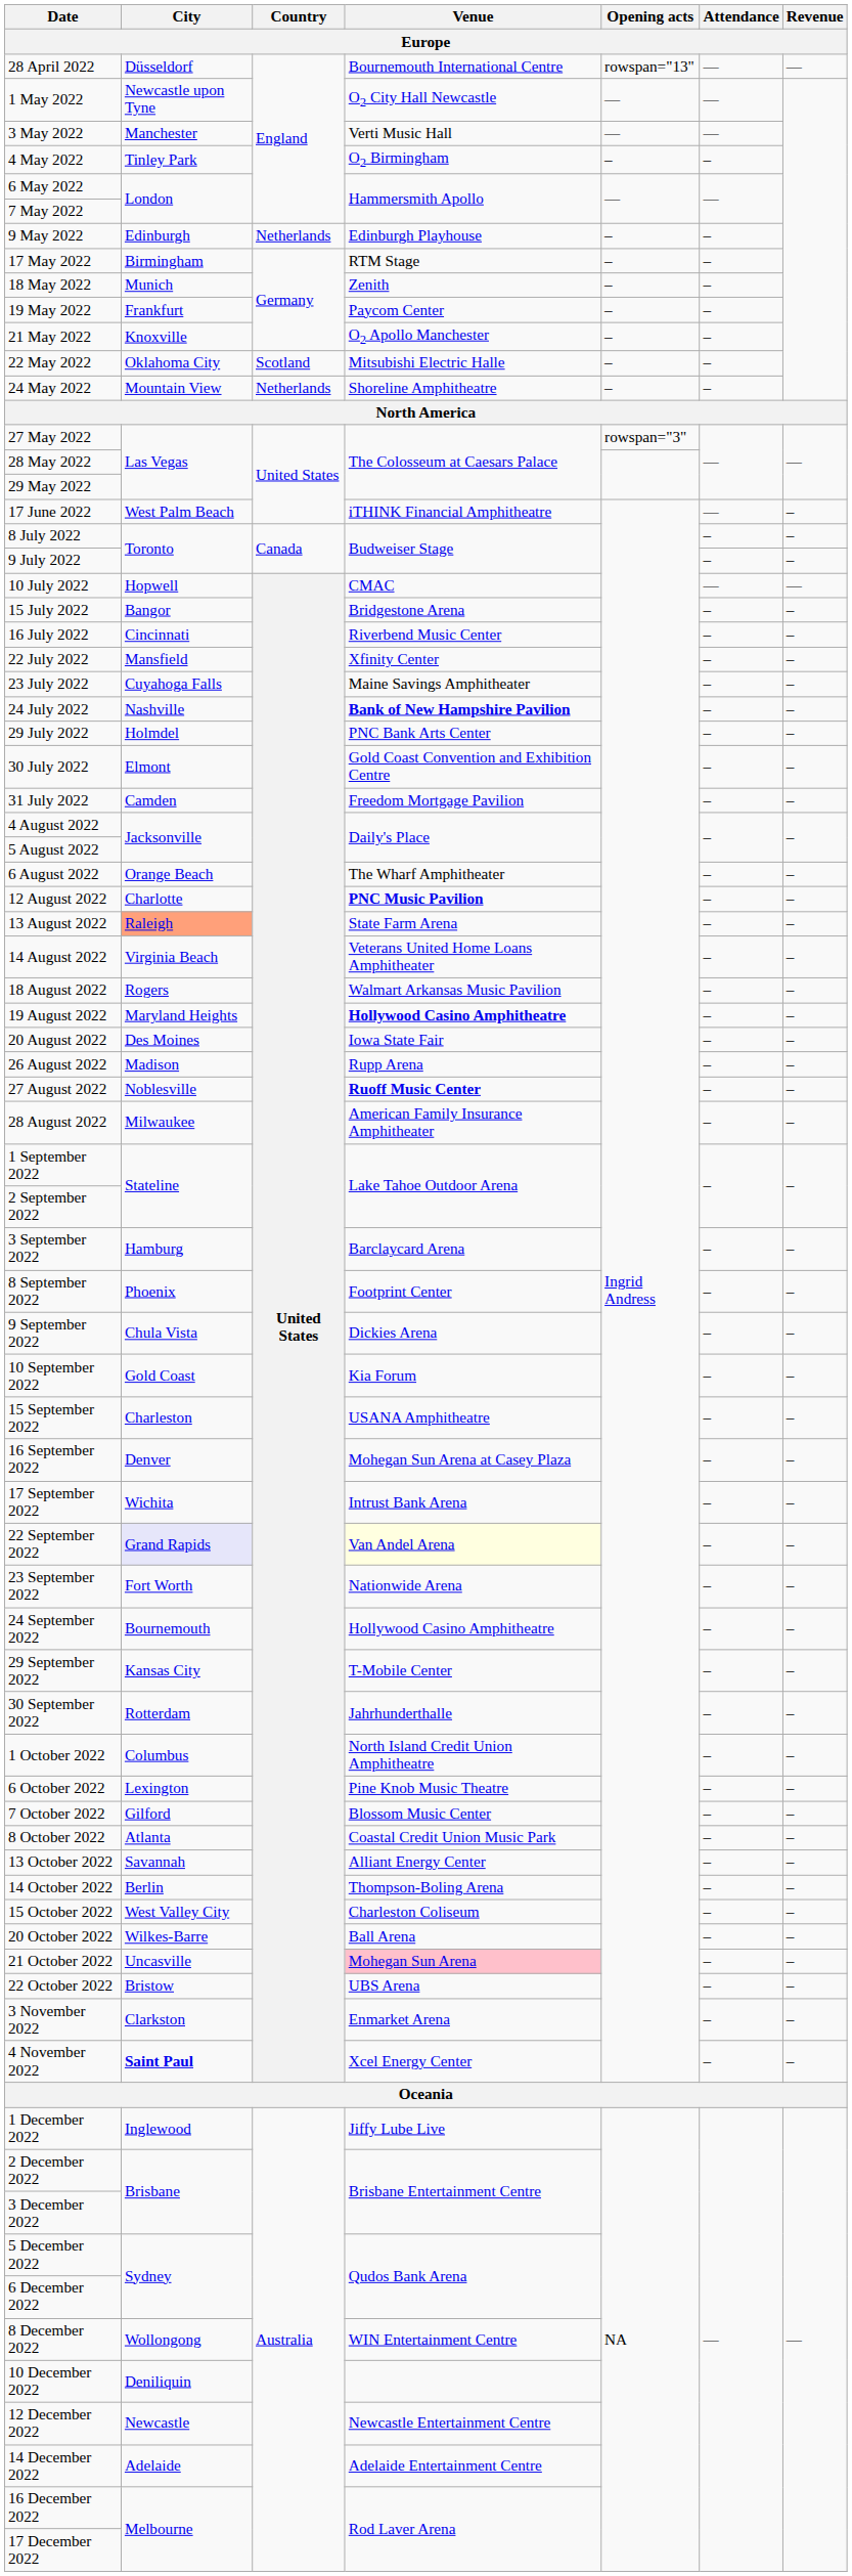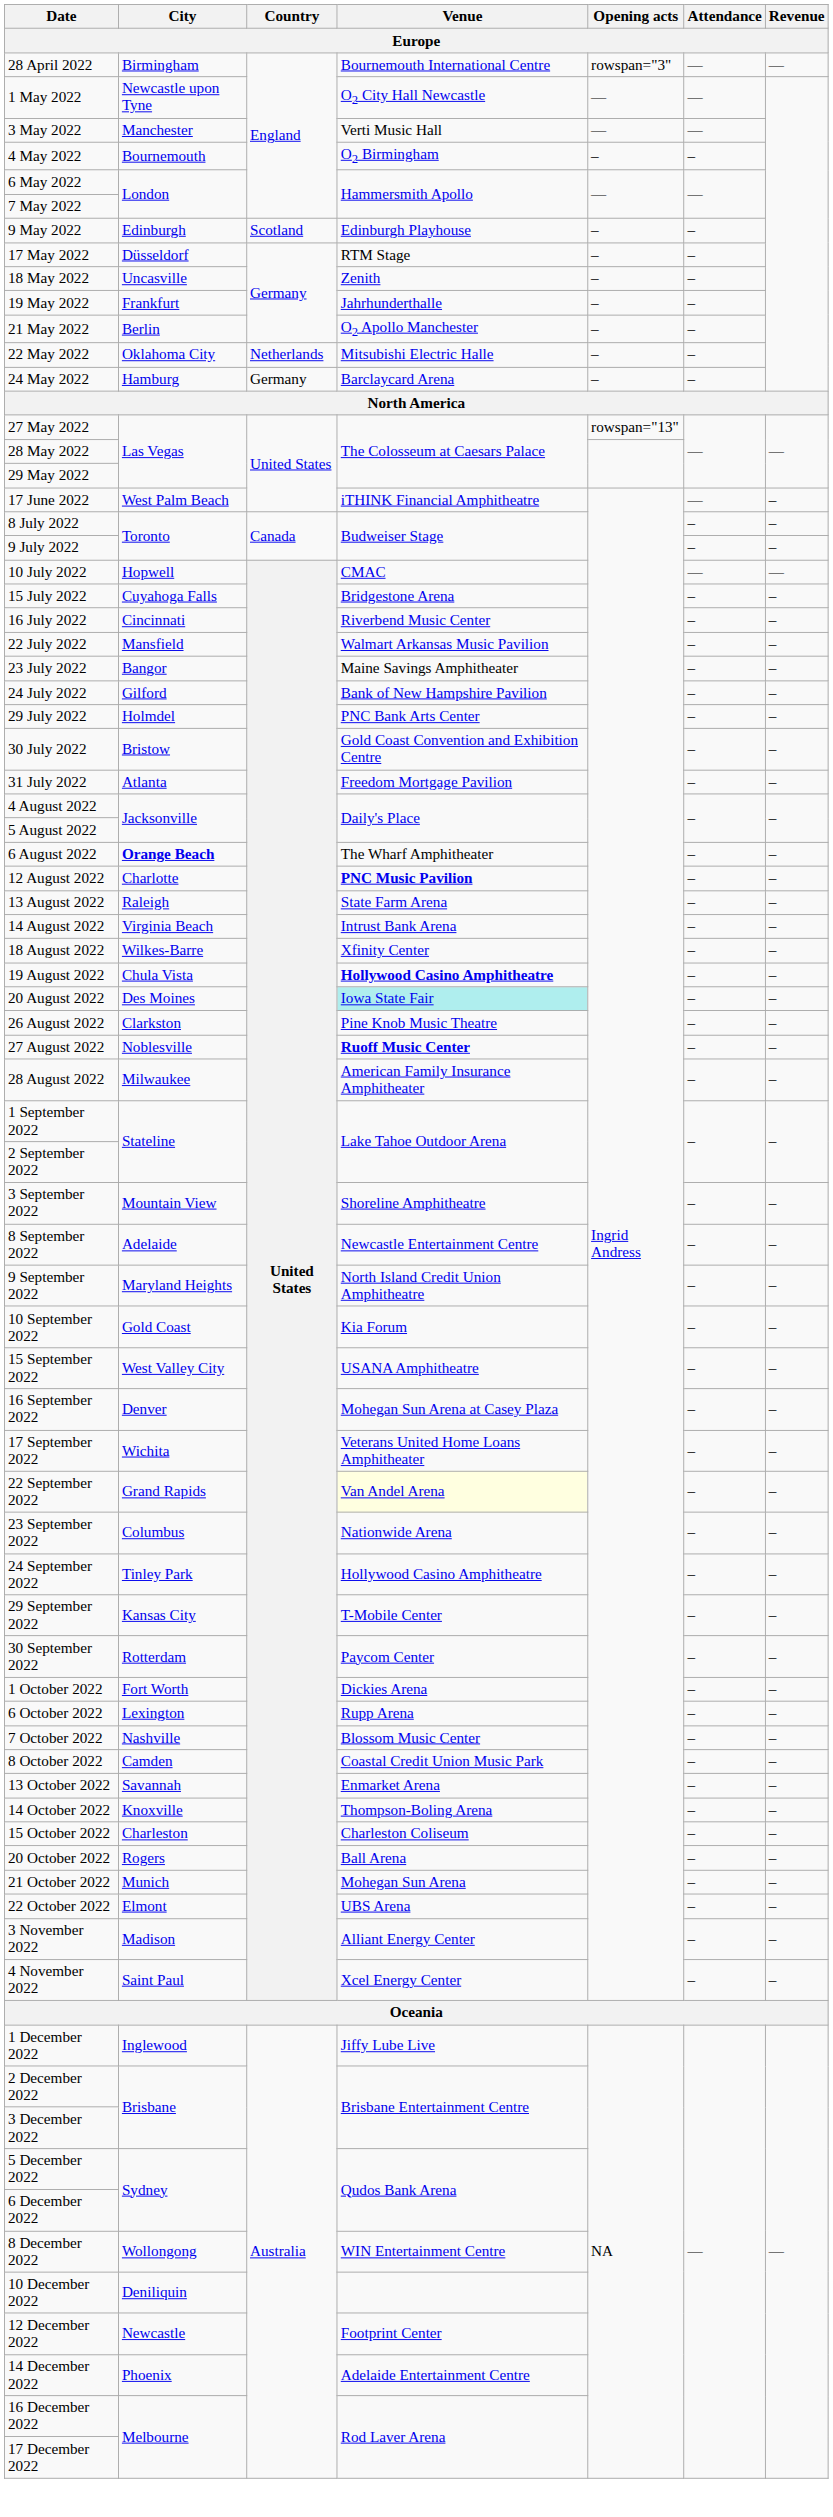 <table class="wikitable">
 <tr>
 <th scope=col>Date</th>
 <th scope=col>City</th>
 <th scope=col>Country</th>
 <th scope=col>Venue</th>
 <th scope=col>Opening acts</th>
 <th scope=col>Attendance</th>
 <th scope=col>Revenue</th>
 </tr>
 <tr>
 <th scope=row colspan="7">Europe</th>
 </tr>
 <tr>
 <td>28 April 2022</td>
-<td><a href='#'>Düsseldorf</a></td>
+<td><a href='#'>Birmingham</a></td>
 <td rowspan="6"><a href='#'>England</a></td>
 <td><a href='#'>Bournemouth International Centre</a></td>
-<td>rowspan="13" </td>
+<td>rowspan="3" </td>
 <td>—</td>
 <td>—</td>
 </tr>
 <tr>
 <td>1 May 2022</td>
 <td><a href='#'>Newcastle upon Tyne</a></td>
 <td><a href='#'>O<sub>2</sub> City Hall Newcastle</a></td>
 <td>—</td>
 <td>—</td>
 </tr>
 <tr>
 <td>3 May 2022</td>
 <td><a href='#'>Manchester</a></td>
 <td>Verti Music Hall</td>
 <td>—</td>
 <td>—</td>
 </tr>
 <tr>
 <td>4 May 2022</td>
-<td><a href='#'>Tinley Park</a></td>
+<td><a href='#'>Bournemouth</a></td>
 <td><a href='#'>O<sub>2</sub> Birmingham</a></td>
 <td>–</td>
 <td>–</td>
 </tr>
 <tr>
 <td>6 May 2022</td>
 <td rowspan="2"><a href='#'>London</a></td>
 <td rowspan="2"><a href='#'>Hammersmith Apollo</a></td>
 <td rowspan="2">—</td>
 <td rowspan="2">—</td>
 </tr>
 <tr>
 <td>7 May 2022</td>
 </tr>
 <tr>
 <td>9 May 2022</td>
 <td><a href='#'>Edinburgh</a></td>
-<td><a href='#'>Netherlands</a></td>
+<td><a href='#'>Scotland</a></td>
 <td><a href='#'>Edinburgh Playhouse</a></td>
 <td>–</td>
 <td>–</td>
 </tr>
 <tr>
 <td>17 May 2022</td>
-<td><a href='#'>Birmingham</a></td>
+<td><a href='#'>Düsseldorf</a></td>
 <td rowspan="4"><a href='#'>Germany</a></td>
 <td>RTM Stage</td>
 <td>–</td>
 <td>–</td>
 </tr>
 <tr>
 <td>18 May 2022</td>
-<td><a href='#'>Munich</a></td>
+<td><a href='#'>Uncasville</a></td>
 <td><a href='#'>Zenith</a></td>
 <td>–</td>
 <td>–</td>
 </tr>
 <tr>
 <td>19 May 2022</td>
 <td><a href='#'>Frankfurt</a></td>
-<td><a href='#'>Paycom Center</a></td>
+<td><a href='#'>Jahrhunderthalle</a></td>
 <td>–</td>
 <td>–</td>
 </tr>
 <tr>
 <td>21 May 2022</td>
-<td><a href='#'>Knoxville</a></td>
+<td><a href='#'>Berlin</a></td>
 <td><a href='#'>O<sub>2</sub> Apollo Manchester</a></td>
 <td>–</td>
 <td>–</td>
 </tr>
 <tr>
 <td>22 May 2022</td>
 <td><a href='#'>Oklahoma City</a></td>
-<td><a href='#'>Scotland</a></td>
+<td><a href='#'>Netherlands</a></td>
 <td><a href='#'>Mitsubishi Electric Halle</a></td>
 <td>–</td>
 <td>–</td>
 </tr>
 <tr>
 <td>24 May 2022</td>
-<td><a href='#'>Mountain View</a></td>
-<td><a href='#'>Netherlands</a></td>
-<td><a href='#'>Shoreline Amphitheatre</a></td>
+<td><a href='#'>Hamburg</a></td>
+<td>Germany</td>
+<td><a href='#'>Barclaycard Arena</a></td>
 <td>–</td>
 <td>–</td>
 </tr>
 <tr>
 <th scope=row colspan="7">North America</th>
 </tr>
 <tr>
 <td>27 May 2022</td>
 <td rowspan="3"><a href='#'>Las Vegas</a></td>
 <td rowspan="4"><a href='#'>United States</a></td>
 <td rowspan="3"><a href='#'>The Colosseum at Caesars Palace</a></td>
-<td>rowspan="3" </td>
+<td>rowspan="13" </td>
 <td rowspan="3">—</td>
 <td rowspan="3">—</td>
 </tr>
 <tr>
 <td>28 May 2022</td>
 </tr>
 <tr>
 <td>29 May 2022</td>
 </tr>
 <tr>
 <td>17 June 2022</td>
 <td><a href='#'>West Palm Beach</a></td>
 <td><a href='#'>iTHINK Financial Amphitheatre</a></td>
 <td rowspan="50"><a href='#'>Ingrid Andress</a></td>
 <td>—</td>
 <td>–</td>
 </tr>
 <tr>
 <td>8 July 2022</td>
 <td rowspan="2"><a href='#'>Toronto</a></td>
 <td rowspan="2"><a href='#'>Canada</a></td>
 <td rowspan="2"><a href='#'>Budweiser Stage</a></td>
 <td>–</td>
 <td>–</td>
 </tr>
 <tr>
 <td>9 July 2022</td>
 <td>–</td>
 <td>–</td>
 </tr>
 <tr>
 <td>10 July 2022</td>
 <td><a href='#'>Hopwell</a></td>
 <th scope=row rowspan="47">United States</th>
 <td><a href='#'>CMAC</a></td>
 <td>—</td>
 <td>—</td>
 </tr>
 <tr>
 <td>15 July 2022</td>
-<td><a href='#'>Bangor</a></td>
+<td><a href='#'>Cuyahoga Falls</a></td>
 <td><a href='#'>Bridgestone Arena</a></td>
 <td>–</td>
 <td>–</td>
 </tr>
 <tr>
 <td>16 July 2022</td>
 <td><a href='#'>Cincinnati</a></td>
 <td><a href='#'>Riverbend Music Center</a></td>
 <td>–</td>
 <td>–</td>
 </tr>
 <tr>
 <td>22 July 2022</td>
 <td><a href='#'>Mansfield</a></td>
-<td><a href='#'>Xfinity Center</a></td>
+<td><a href='#'>Walmart Arkansas Music Pavilion</a></td>
 <td>–</td>
 <td>–</td>
 </tr>
 <tr>
 <td>23 July 2022</td>
-<td><a href='#'>Cuyahoga Falls</a></td>
+<td><a href='#'>Bangor</a></td>
 <td>Maine Savings Amphitheater</td>
 <td>–</td>
 <td>–</td>
 </tr>
 <tr>
 <td>24 July 2022</td>
-<td><a href='#'>Nashville</a></td>
-<td><strong><a href='#'>Bank of New Hampshire Pavilion</a></strong></td>
+<td><a href='#'>Gilford</a></td>
+<td><a href='#'>Bank of New Hampshire Pavilion</a></td>
 <td>–</td>
 <td>–</td>
 </tr>
 <tr>
 <td>29 July 2022</td>
 <td><a href='#'>Holmdel</a></td>
 <td><a href='#'>PNC Bank Arts Center</a></td>
 <td>–</td>
 <td>–</td>
 </tr>
 <tr>
 <td>30 July 2022</td>
-<td><a href='#'>Elmont</a></td>
+<td><a href='#'>Bristow</a></td>
 <td><a href='#'>Gold Coast Convention and Exhibition Centre</a></td>
 <td>–</td>
 <td>–</td>
 </tr>
 <tr>
 <td>31 July 2022</td>
-<td><a href='#'>Camden</a></td>
+<td><a href='#'>Atlanta</a></td>
 <td><a href='#'>Freedom Mortgage Pavilion</a></td>
 <td>–</td>
 <td>–</td>
 </tr>
 <tr>
 <td>4 August 2022</td>
 <td rowspan="2"><a href='#'>Jacksonville</a></td>
 <td rowspan="2"><a href='#'>Daily's Place</a></td>
 <td rowspan="2">–</td>
 <td rowspan="2">–</td>
 </tr>
 <tr>
 <td>5 August 2022</td>
 </tr>
 <tr>
 <td>6 August 2022</td>
-<td><a href='#'>Orange Beach</a></td>
+<td><strong><a href='#'>Orange Beach</a></strong></td>
 <td>The Wharf Amphitheater</td>
 <td>–</td>
 <td>–</td>
 </tr>
 <tr>
 <td>12 August 2022</td>
 <td><a href='#'>Charlotte</a></td>
 <td><strong><a href='#'>PNC Music Pavilion</a></strong></td>
 <td>–</td>
 <td>–</td>
 </tr>
 <tr>
 <td>13 August 2022</td>
-<td style="background: lightsalmon;"><a href='#'>Raleigh</a></td>
+<td><a href='#'>Raleigh</a></td>
 <td><a href='#'>State Farm Arena</a></td>
 <td>–</td>
 <td>–</td>
 </tr>
 <tr>
 <td>14 August 2022</td>
 <td><a href='#'>Virginia Beach</a></td>
-<td><a href='#'>Veterans United Home Loans Amphitheater</a></td>
+<td><a href='#'>Intrust Bank Arena</a></td>
 <td>–</td>
 <td>–</td>
 </tr>
 <tr>
 <td>18 August 2022</td>
-<td><a href='#'>Rogers</a></td>
-<td><a href='#'>Walmart Arkansas Music Pavilion</a></td>
+<td><a href='#'>Wilkes-Barre</a></td>
+<td><a href='#'>Xfinity Center</a></td>
 <td>–</td>
 <td>–</td>
 </tr>
 <tr>
 <td>19 August 2022</td>
-<td><a href='#'>Maryland Heights</a></td>
+<td><a href='#'>Chula Vista</a></td>
 <td><strong><a href='#'>Hollywood Casino Amphitheatre</a></strong></td>
 <td>–</td>
 <td>–</td>
 </tr>
 <tr>
 <td>20 August 2022</td>
 <td><a href='#'>Des Moines</a></td>
-<td><a href='#'>Iowa State Fair</a></td>
+<td style="background: paleturquoise;"><a href='#'>Iowa State Fair</a></td>
 <td>–</td>
 <td>–</td>
 </tr>
 <tr>
 <td>26 August 2022</td>
-<td><a href='#'>Madison</a></td>
-<td><a href='#'>Rupp Arena</a></td>
+<td><a href='#'>Clarkston</a></td>
+<td><a href='#'>Pine Knob Music Theatre</a></td>
 <td>–</td>
 <td>–</td>
 </tr>
 <tr>
 <td>27 August 2022</td>
 <td><a href='#'>Noblesville</a></td>
 <td><strong><a href='#'>Ruoff Music Center</a></strong></td>
 <td>–</td>
 <td>–</td>
 </tr>
 <tr>
 <td>28 August 2022</td>
 <td><a href='#'>Milwaukee</a></td>
 <td><a href='#'>American Family Insurance Amphitheater</a></td>
 <td>–</td>
 <td>–</td>
 </tr>
 <tr>
 <td>1 September 2022</td>
 <td rowspan="2"><a href='#'>Stateline</a></td>
 <td rowspan="2"><a href='#'>Lake Tahoe Outdoor Arena</a></td>
 <td rowspan="2">–</td>
 <td rowspan="2">–</td>
 </tr>
 <tr>
 <td>2 September 2022</td>
 </tr>
 <tr>
 <td>3 September 2022</td>
-<td><a href='#'>Hamburg</a></td>
-<td><a href='#'>Barclaycard Arena</a></td>
+<td><a href='#'>Mountain View</a></td>
+<td><a href='#'>Shoreline Amphitheatre</a></td>
 <td>–</td>
 <td>–</td>
 </tr>
 <tr>
 <td>8 September 2022</td>
-<td><a href='#'>Phoenix</a></td>
-<td><a href='#'>Footprint Center</a></td>
+<td><a href='#'>Adelaide</a></td>
+<td><a href='#'>Newcastle Entertainment Centre</a></td>
 <td>–</td>
 <td>–</td>
 </tr>
 <tr>
 <td>9 September 2022</td>
-<td><a href='#'>Chula Vista</a></td>
-<td><a href='#'>Dickies Arena</a></td>
+<td><a href='#'>Maryland Heights</a></td>
+<td><a href='#'>North Island Credit Union Amphitheatre</a></td>
 <td>–</td>
 <td>–</td>
 </tr>
 <tr>
 <td>10 September 2022</td>
 <td><a href='#'>Gold Coast</a></td>
 <td><a href='#'>Kia Forum</a></td>
 <td>–</td>
 <td>–</td>
 </tr>
 <tr>
 <td>15 September 2022</td>
-<td><a href='#'>Charleston</a></td>
+<td><a href='#'>West Valley City</a></td>
 <td><a href='#'>USANA Amphitheatre</a></td>
 <td>–</td>
 <td>–</td>
 </tr>
 <tr>
 <td>16 September 2022</td>
 <td><a href='#'>Denver</a></td>
 <td><a href='#'>Mohegan Sun Arena at Casey Plaza</a></td>
 <td>–</td>
 <td>–</td>
 </tr>
 <tr>
 <td>17 September 2022</td>
 <td><a href='#'>Wichita</a></td>
-<td><a href='#'>Intrust Bank Arena</a></td>
+<td><a href='#'>Veterans United Home Loans Amphitheater</a></td>
 <td>–</td>
 <td>–</td>
 </tr>
 <tr>
 <td>22 September 2022</td>
-<td style="background: lavender;"><a href='#'>Grand Rapids</a></td>
+<td><a href='#'>Grand Rapids</a></td>
 <td style="background: lightyellow;"><a href='#'>Van Andel Arena</a></td>
 <td>–</td>
 <td>–</td>
 </tr>
 <tr>
 <td>23 September 2022</td>
-<td><a href='#'>Fort Worth</a></td>
+<td><a href='#'>Columbus</a></td>
 <td><a href='#'>Nationwide Arena</a></td>
 <td>–</td>
 <td>–</td>
 </tr>
 <tr>
 <td>24 September 2022</td>
-<td><a href='#'>Bournemouth</a></td>
+<td><a href='#'>Tinley Park</a></td>
 <td><a href='#'>Hollywood Casino Amphitheatre</a></td>
 <td>–</td>
 <td>–</td>
 </tr>
 <tr>
 <td>29 September 2022</td>
 <td><a href='#'>Kansas City</a></td>
 <td><a href='#'>T-Mobile Center</a></td>
 <td>–</td>
 <td>–</td>
 </tr>
 <tr>
 <td>30 September 2022</td>
 <td><a href='#'>Rotterdam</a></td>
-<td><a href='#'>Jahrhunderthalle</a></td>
+<td><a href='#'>Paycom Center</a></td>
 <td>–</td>
 <td>–</td>
 </tr>
 <tr>
 <td>1 October 2022</td>
-<td><a href='#'>Columbus</a></td>
-<td><a href='#'>North Island Credit Union Amphitheatre</a></td>
+<td><a href='#'>Fort Worth</a></td>
+<td><a href='#'>Dickies Arena</a></td>
 <td>–</td>
 <td>–</td>
 </tr>
 <tr>
 <td>6 October 2022</td>
 <td><a href='#'>Lexington</a></td>
-<td><a href='#'>Pine Knob Music Theatre</a></td>
+<td><a href='#'>Rupp Arena</a></td>
 <td>–</td>
 <td>–</td>
 </tr>
 <tr>
 <td>7 October 2022</td>
-<td><a href='#'>Gilford</a></td>
+<td><a href='#'>Nashville</a></td>
 <td><a href='#'>Blossom Music Center</a></td>
 <td>–</td>
 <td>–</td>
 </tr>
 <tr>
 <td>8 October 2022</td>
-<td><a href='#'>Atlanta</a></td>
+<td><a href='#'>Camden</a></td>
 <td><a href='#'>Coastal Credit Union Music Park</a></td>
 <td>–</td>
 <td>–</td>
 </tr>
 <tr>
 <td>13 October 2022</td>
 <td><a href='#'>Savannah</a></td>
-<td><a href='#'>Alliant Energy Center</a></td>
+<td><a href='#'>Enmarket Arena</a></td>
 <td>–</td>
 <td>–</td>
 </tr>
 <tr>
 <td>14 October 2022</td>
-<td><a href='#'>Berlin</a></td>
+<td><a href='#'>Knoxville</a></td>
 <td><a href='#'>Thompson-Boling Arena</a></td>
 <td>–</td>
 <td>–</td>
 </tr>
 <tr>
 <td>15 October 2022</td>
-<td><a href='#'>West Valley City</a></td>
+<td><a href='#'>Charleston</a></td>
 <td><a href='#'>Charleston Coliseum</a></td>
 <td>–</td>
 <td>–</td>
 </tr>
 <tr>
 <td>20 October 2022</td>
-<td><a href='#'>Wilkes-Barre</a></td>
+<td><a href='#'>Rogers</a></td>
 <td><a href='#'>Ball Arena</a></td>
 <td>–</td>
 <td>–</td>
 </tr>
 <tr>
 <td>21 October 2022</td>
-<td><a href='#'>Uncasville</a></td>
-<td style="background: pink;"><a href='#'>Mohegan Sun Arena</a></td>
+<td><a href='#'>Munich</a></td>
+<td><a href='#'>Mohegan Sun Arena</a></td>
 <td>–</td>
 <td>–</td>
 </tr>
 <tr>
 <td>22 October 2022</td>
-<td><a href='#'>Bristow</a></td>
+<td><a href='#'>Elmont</a></td>
 <td><a href='#'>UBS Arena</a></td>
 <td>–</td>
 <td>–</td>
 </tr>
 <tr>
 <td>3 November 2022</td>
-<td><a href='#'>Clarkston</a></td>
-<td><a href='#'>Enmarket Arena</a></td>
+<td><a href='#'>Madison</a></td>
+<td><a href='#'>Alliant Energy Center</a></td>
 <td>–</td>
 <td>–</td>
 </tr>
 <tr>
 <td>4 November 2022</td>
-<td><strong><a href='#'>Saint Paul</a></strong></td>
+<td><a href='#'>Saint Paul</a></td>
 <td><a href='#'>Xcel Energy Center</a></td>
 <td>–</td>
 <td>–</td>
 </tr>
 <tr>
 <th scope=row colspan="7">Oceania</th>
 </tr>
 <tr>
 <td>1 December 2022</td>
 <td><a href='#'>Inglewood</a></td>
 <td rowspan="11"><a href='#'>Australia</a></td>
 <td><a href='#'>Jiffy Lube Live</a></td>
 <td rowspan="11">NA</td>
 <td rowspan="11">—</td>
 <td rowspan="11">—</td>
 </tr>
 <tr>
 <td>2 December 2022</td>
 <td rowspan="2"><a href='#'>Brisbane</a></td>
 <td rowspan="2"><a href='#'>Brisbane Entertainment Centre</a></td>
 </tr>
 <tr>
 <td>3 December 2022</td>
 </tr>
 <tr>
 <td>5 December 2022</td>
 <td rowspan="2"><a href='#'>Sydney</a></td>
 <td rowspan="2"><a href='#'>Qudos Bank Arena</a></td>
 </tr>
 <tr>
 <td>6 December 2022</td>
 </tr>
 <tr>
 <td>8 December 2022</td>
 <td><a href='#'>Wollongong</a></td>
 <td><a href='#'>WIN Entertainment Centre</a></td>
 </tr>
 <tr>
 <td>10 December 2022</td>
 <td><a href='#'>Deniliquin</a></td>
 <td></td>
 </tr>
 <tr>
 <td>12 December 2022</td>
 <td><a href='#'>Newcastle</a></td>
-<td><a href='#'>Newcastle Entertainment Centre</a></td>
+<td><a href='#'>Footprint Center</a></td>
 </tr>
 <tr>
 <td>14 December 2022</td>
-<td><a href='#'>Adelaide</a></td>
+<td><a href='#'>Phoenix</a></td>
 <td><a href='#'>Adelaide Entertainment Centre</a></td>
 </tr>
 <tr>
 <td>16 December 2022</td>
 <td rowspan="2"><a href='#'>Melbourne</a></td>
 <td rowspan="2"><a href='#'>Rod Laver Arena</a></td>
 </tr>
 <tr>
 <td>17 December 2022</td>
 </tr>
 </table>
